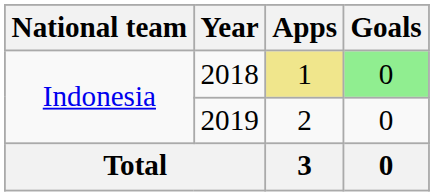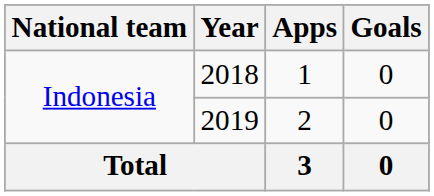 <table class="wikitable" style="text-align:center">
 <tr>
 <th>National team</th>
 <th>Year</th>
 <th>Apps</th>
 <th>Goals</th>
 </tr>
 <tr>
 <td rowspan=2><a href='#'>Indonesia</a></td>
 <td>2018</td>
-<td style="background: khaki;">1</td>
-<td style="background: lightgreen;">0</td>
+<td>1</td>
+<td>0</td>
 </tr>
 <tr>
 <td>2019</td>
 <td>2</td>
 <td>0</td>
 </tr>
 <tr>
 <th colspan=2>Total</th>
 <th>3</th>
 <th>0</th>
 </tr>
 </table>
